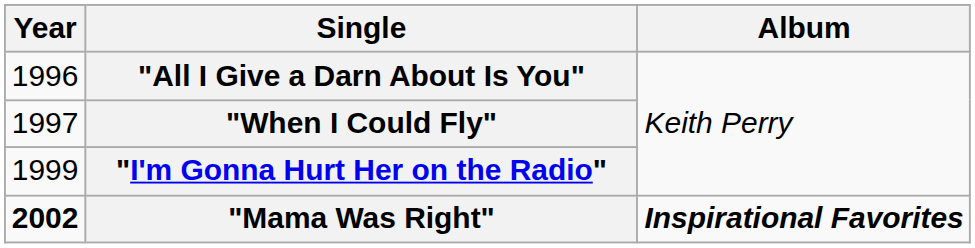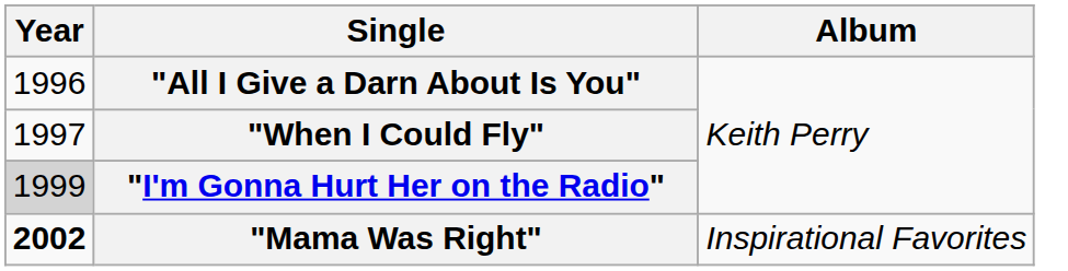 <table class="wikitable plainrowheaders">
 <tr>
 <th>Year</th>
 <th style="width:18em;">Single</th>
 <th>Album</th>
 </tr>
 <tr>
 <td>1996</td>
 <th scope="row">"All I Give a Darn About Is You"</th>
 <td rowspan="3"><em>Keith Perry</em></td>
 </tr>
 <tr>
 <td>1997</td>
 <th scope="row">"When I Could Fly"</th>
 </tr>
 <tr>
-<td>1999</td>
+<td style="background: lightgrey;">1999</td>
 <th scope="row">"<a href='#'>I'm Gonna Hurt Her on the Radio</a>"</th>
 </tr>
 <tr>
 <td><strong>2002</strong></td>
 <th scope="row">"Mama Was Right"</th>
-<td><strong><em>Inspirational Favorites</em></strong></td>
+<td><em>Inspirational Favorites</em></td>
 </tr>
 </table>
